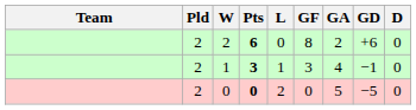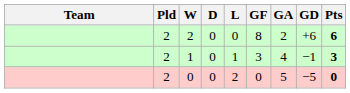 <table class="wikitable" style="text-align:center;">
 <tr>
 <th width=175>Team</th>
 <th width=20 abbr="Played">Pld</th>
 <th width=20 abbr="Won">W</th>
-<th width=20 abbr="Points">Pts</th>
+<th width=20 abbr="Drawn">D</th>
 <th width=20 abbr="Lost">L</th>
 <th width=20 abbr="Goals for">GF</th>
 <th width=20 abbr="Goals against">GA</th>
 <th width=20 abbr="Goal difference">GD</th>
-<th width=20 abbr="Drawn">D</th>
+<th width=20 abbr="Points">Pts</th>
 </tr>
 <tr bgcolor=ccffcc>
 <td align=left></td>
 <td>2</td>
 <td>2</td>
-<td><strong>6</strong></td>
+<td>0</td>
 <td>0</td>
 <td>8</td>
 <td>2</td>
 <td>+6</td>
-<td>0</td>
+<td><strong>6</strong></td>
 </tr>
 <tr bgcolor=ccffcc>
 <td align=left></td>
 <td>2</td>
 <td>1</td>
-<td><strong>3</strong></td>
+<td>0</td>
 <td>1</td>
 <td>3</td>
 <td>4</td>
 <td>−1</td>
-<td>0</td>
+<td><strong>3</strong></td>
 </tr>
 <tr bgcolor=ffcccc>
 <td align=left></td>
 <td>2</td>
 <td>0</td>
-<td><strong>0</strong></td>
+<td>0</td>
 <td>2</td>
 <td>0</td>
 <td>5</td>
 <td>−5</td>
-<td>0</td>
+<td><strong>0</strong></td>
 </tr>
 </table>
